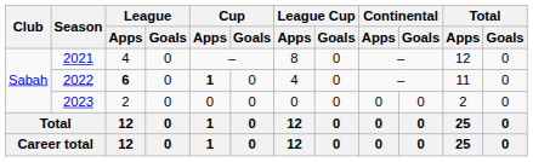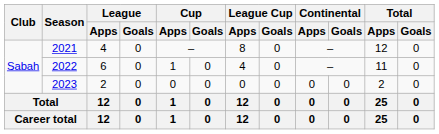 <table class="wikitable" style="text-align: center;">
 <tr>
 <th rowspan="2">Club</th>
 <th rowspan="2">Season</th>
 <th colspan="2">League</th>
 <th colspan="2">Cup</th>
 <th colspan="2">League Cup</th>
 <th colspan="2">Continental</th>
 <th colspan="2">Total</th>
 </tr>
 <tr>
 <th>Apps</th>
 <th>Goals</th>
 <th>Apps</th>
 <th>Goals</th>
 <th>Apps</th>
 <th>Goals</th>
 <th>Apps</th>
 <th>Goals</th>
 <th>Apps</th>
 <th>Goals</th>
 </tr>
 <tr>
 <td rowspan="3" valign="center"><a href='#'>Sabah</a></td>
 <td><a href='#'>2021</a></td>
 <td>4</td>
 <td>0</td>
 <td colspan=2>–</td>
 <td>8</td>
 <td>0</td>
 <td colspan=2>–</td>
 <td>12</td>
 <td>0</td>
 </tr>
 <tr>
 <td><a href='#'>2022</a></td>
-<td><strong>6</strong></td>
+<td>6</td>
 <td>0</td>
-<td><strong>1</strong></td>
+<td>1</td>
 <td>0</td>
 <td>4</td>
 <td>0</td>
 <td colspan=2>–</td>
 <td>11</td>
 <td>0</td>
 </tr>
 <tr>
 <td><a href='#'>2023</a></td>
 <td>2</td>
 <td>0</td>
 <td>0</td>
 <td>0</td>
 <td>0</td>
 <td>0</td>
 <td>0</td>
 <td>0</td>
 <td>2</td>
 <td>0</td>
 </tr>
 <tr>
 <th colspan=2>Total</th>
 <th>12</th>
 <th>0</th>
 <th>1</th>
 <th>0</th>
 <th>12</th>
 <th>0</th>
 <th>0</th>
 <th>0</th>
 <th>25</th>
 <th>0</th>
 </tr>
 <tr>
 <th colspan=2>Career total</th>
 <th>12</th>
 <th>0</th>
 <th>1</th>
 <th>0</th>
 <th>12</th>
 <th>0</th>
 <th>0</th>
 <th>0</th>
 <th>25</th>
 <th>0</th>
 </tr>
 </table>
